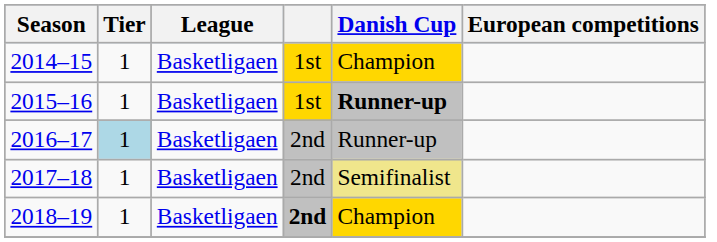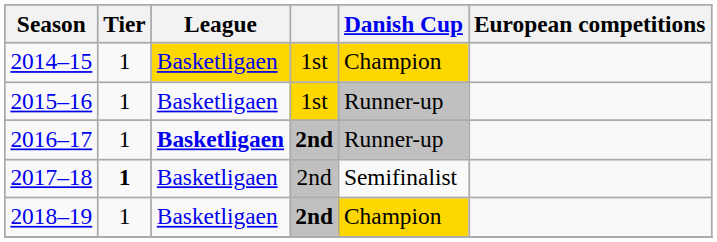 <table class="wikitable" style="font-size:85%;">
 <tr bgcolor=#CADCFB>
 <th>Season</th>
 <th>Tier</th>
 <th>League</th>
 <th></th>
 <th><a href='#'>Danish Cup</a></th>
 <th colspan=2>European competitions</th>
 </tr>
 <tr>
 <td align="center"><a href='#'>2014–15</a></td>
 <td align="center">1</td>
-<td><a href='#'>Basketligaen</a></td>
+<td style="background: gold;"><a href='#'>Basketligaen</a></td>
 <td align="center" bgcolor=gold>1st</td>
 <td bgcolor=gold>Champion</td>
 <td colspan=2></td>
 </tr>
 <tr>
 <td align="center"><a href='#'>2015–16</a></td>
 <td align="center">1</td>
 <td><a href='#'>Basketligaen</a></td>
 <td align="center" bgcolor=gold>1st</td>
-<td bgcolor=silver><strong>Runner-up</strong></td>
+<td bgcolor=silver>Runner-up</td>
 <td colspan=2></td>
 </tr>
 <tr>
 <td align="center"><a href='#'>2016–17</a></td>
-<td align="center" style="background: lightblue;">1</td>
-<td><a href='#'>Basketligaen</a></td>
-<td align="center" bgcolor=silver>2nd</td>
+<td align="center">1</td>
+<td><strong><a href='#'>Basketligaen</a></strong></td>
+<td align="center" bgcolor=silver><strong>2nd</strong></td>
 <td bgcolor=silver>Runner-up</td>
 <td></td>
 </tr>
 <tr>
 <td align="center"><a href='#'>2017–18</a></td>
-<td align="center">1</td>
+<td align="center"><strong>1</strong></td>
 <td><a href='#'>Basketligaen</a></td>
 <td align="center" bgcolor=silver>2nd</td>
-<td style="background: khaki;">Semifinalist</td>
+<td>Semifinalist</td>
 <td></td>
 </tr>
 <tr>
 <td align="center"><a href='#'>2018–19</a></td>
 <td align="center">1</td>
 <td><a href='#'>Basketligaen</a></td>
 <td align="center" bgcolor=silver><strong>2nd</strong></td>
 <td bgcolor=gold>Champion</td>
 <td colspan=2></td>
 </tr>
 <tr>
 </tr>
 </table>
